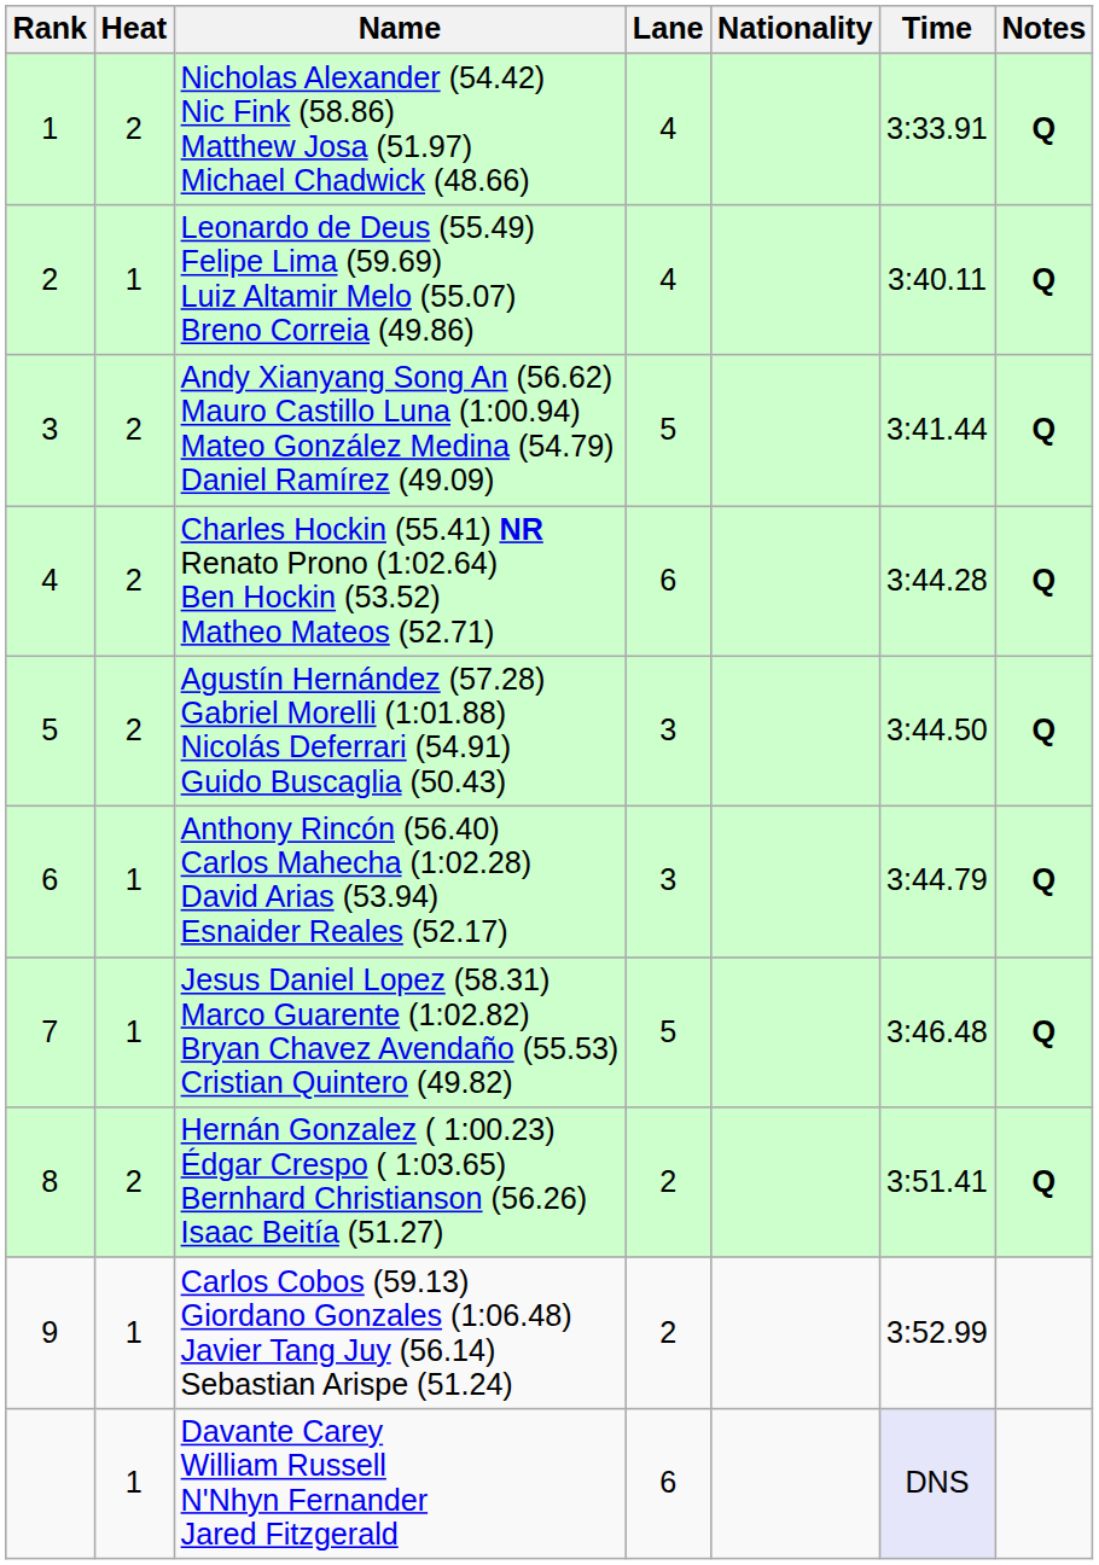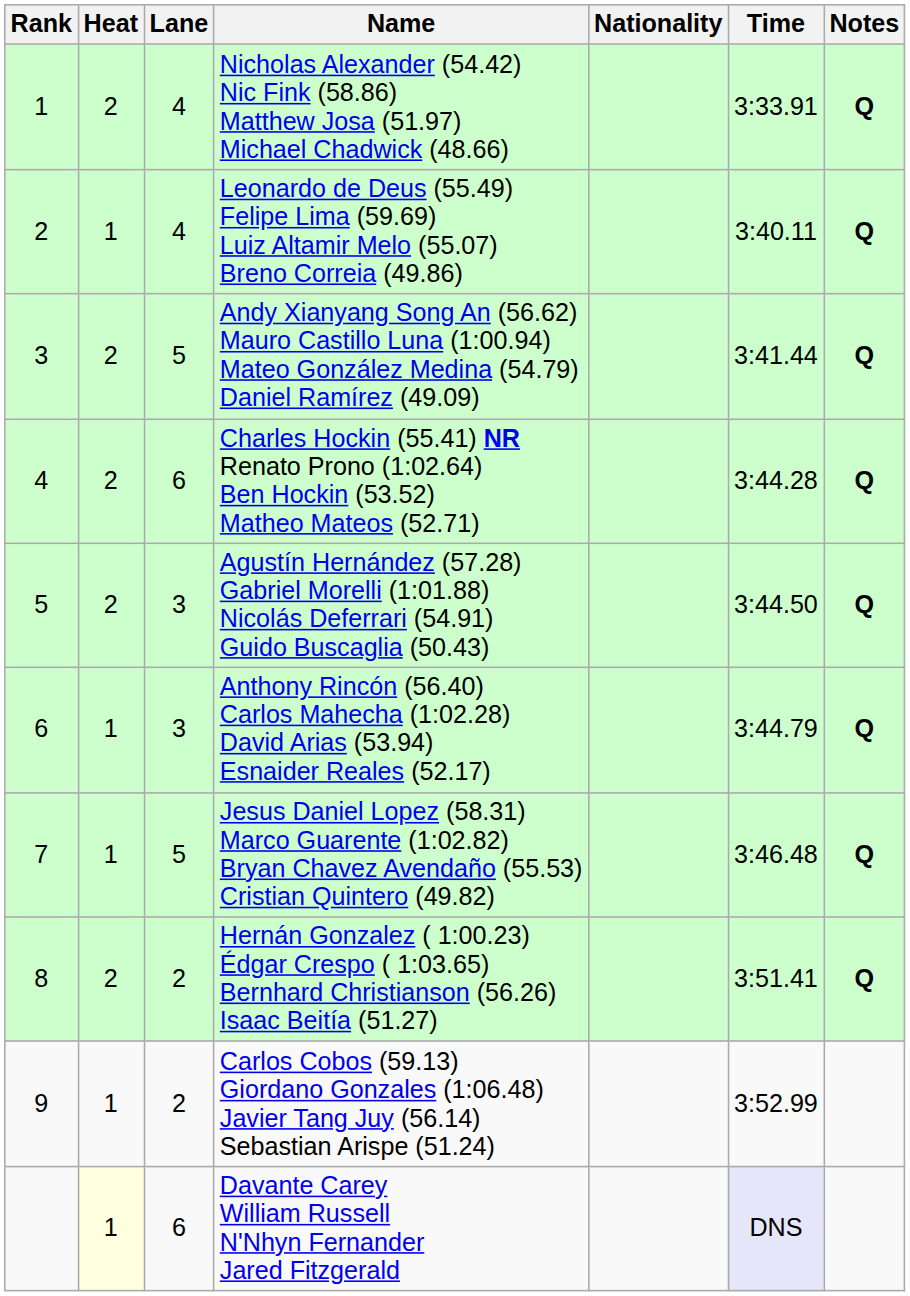 <table class="wikitable sortable" style="text-align:center">
 <tr>
 <th>Rank</th>
 <th>Heat</th>
+<th>Lane</th>
 <th>Name</th>
-<th>Lane</th>
 <th>Nationality</th>
 <th>Time</th>
 <th>Notes</th>
 </tr>
 <tr bgcolor=ccffcc>
 <td>1</td>
 <td>2</td>
+<td>4</td>
 <td align=left><a href='#'>Nicholas Alexander</a> (54.42)<br><a href='#'>Nic Fink</a> (58.86)<br><a href='#'>Matthew Josa</a> (51.97)<br><a href='#'>Michael Chadwick</a> (48.66)</td>
-<td>4</td>
 <td align=left></td>
 <td>3:33.91</td>
 <td><strong>Q</strong></td>
 </tr>
 <tr bgcolor=ccffcc>
 <td>2</td>
 <td>1</td>
+<td>4</td>
 <td align=left><a href='#'>Leonardo de Deus</a> (55.49)<br><a href='#'>Felipe Lima</a> (59.69)<br><a href='#'>Luiz Altamir Melo</a> (55.07)<br><a href='#'>Breno Correia</a> (49.86)</td>
-<td>4</td>
 <td align=left></td>
 <td>3:40.11</td>
 <td><strong>Q</strong></td>
 </tr>
 <tr bgcolor=ccffcc>
 <td>3</td>
 <td>2</td>
+<td>5</td>
 <td align=left><a href='#'>Andy Xianyang Song An</a> (56.62)<br><a href='#'>Mauro Castillo Luna</a> (1:00.94)<br><a href='#'>Mateo González Medina</a> (54.79)<br><a href='#'>Daniel Ramírez</a> (49.09)</td>
-<td>5</td>
 <td align=left></td>
 <td>3:41.44</td>
 <td><strong>Q</strong></td>
 </tr>
 <tr bgcolor=ccffcc>
 <td>4</td>
 <td>2</td>
+<td>6</td>
 <td align=left><a href='#'>Charles Hockin</a> (55.41) <strong><a href='#'>NR</a></strong><br>Renato Prono (1:02.64)<br><a href='#'>Ben Hockin</a> (53.52)<br><a href='#'>Matheo Mateos</a> (52.71)</td>
-<td>6</td>
 <td align=left></td>
 <td>3:44.28</td>
 <td><strong>Q</strong></td>
 </tr>
 <tr bgcolor=ccffcc>
 <td>5</td>
 <td>2</td>
+<td>3</td>
 <td align=left><a href='#'>Agustín Hernández</a> (57.28)<br><a href='#'>Gabriel Morelli</a> (1:01.88)<br><a href='#'>Nicolás Deferrari</a> (54.91)<br><a href='#'>Guido Buscaglia</a> (50.43)</td>
-<td>3</td>
 <td align=left></td>
 <td>3:44.50</td>
 <td><strong>Q</strong></td>
 </tr>
 <tr bgcolor=ccffcc>
 <td>6</td>
 <td>1</td>
+<td>3</td>
 <td align=left><a href='#'>Anthony Rincón</a> (56.40)<br><a href='#'>Carlos Mahecha</a> (1:02.28)<br><a href='#'>David Arias</a> (53.94)<br><a href='#'>Esnaider Reales</a> (52.17)</td>
-<td>3</td>
 <td align=left></td>
 <td>3:44.79</td>
 <td><strong>Q</strong></td>
 </tr>
 <tr bgcolor=ccffcc>
 <td>7</td>
 <td>1</td>
+<td>5</td>
 <td align=left><a href='#'>Jesus Daniel Lopez</a> (58.31)<br><a href='#'>Marco Guarente</a> (1:02.82)<br><a href='#'>Bryan Chavez Avendaño</a> (55.53)<br><a href='#'>Cristian Quintero</a> (49.82)</td>
-<td>5</td>
 <td align=left></td>
 <td>3:46.48</td>
 <td><strong>Q</strong></td>
 </tr>
 <tr bgcolor=ccffcc>
 <td>8</td>
 <td>2</td>
+<td>2</td>
 <td align=left><a href='#'>Hernán Gonzalez</a> ( 1:00.23)<br><a href='#'>Édgar Crespo</a> ( 1:03.65)<br><a href='#'>Bernhard Christianson</a> (56.26)<br><a href='#'>Isaac Beitía</a> (51.27)</td>
-<td>2</td>
 <td align=left></td>
 <td>3:51.41</td>
 <td><strong>Q</strong></td>
 </tr>
 <tr>
 <td>9</td>
 <td>1</td>
+<td>2</td>
 <td align=left><a href='#'>Carlos Cobos</a> (59.13)<br><a href='#'>Giordano Gonzales</a> (1:06.48)<br><a href='#'>Javier Tang Juy</a> (56.14)<br>Sebastian Arispe (51.24)</td>
-<td>2</td>
 <td align=left></td>
 <td>3:52.99</td>
 <td></td>
 </tr>
 <tr>
 <td></td>
-<td>1</td>
+<td style="background: lightyellow;">1</td>
+<td>6</td>
 <td align=left><a href='#'>Davante Carey</a><br><a href='#'>William Russell</a> <br><a href='#'>N'Nhyn Fernander</a><br><a href='#'>Jared Fitzgerald</a></td>
-<td>6</td>
 <td align=left></td>
 <td style="background: lavender;">DNS</td>
 <td></td>
 </tr>
 </table>
